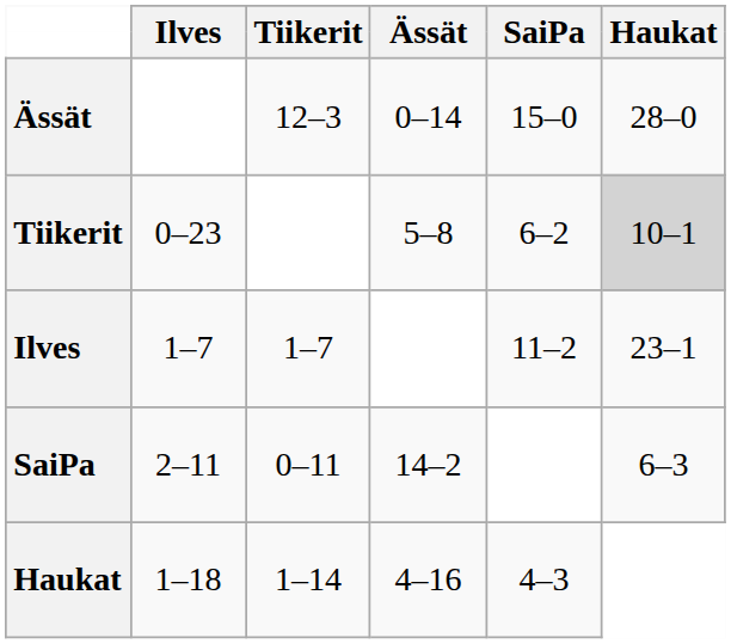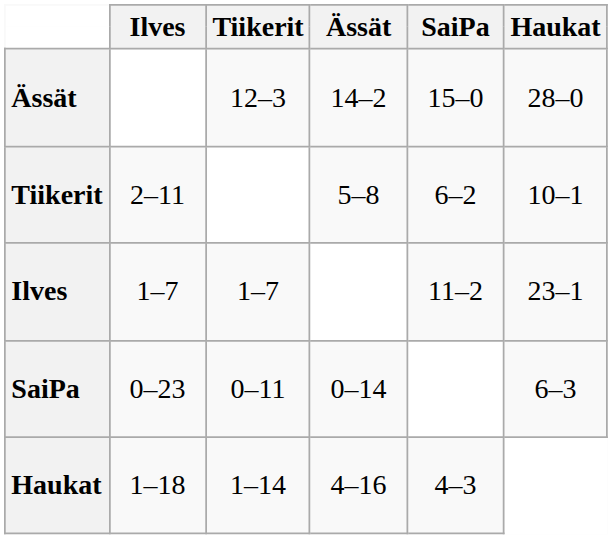 <table class="wikitable" style="text-align:center; border-style: none  none  none  none;">
 <tr>
 <th style="border-style: none  none  none  none; background:white;"></th>
 <th rowspan="2" style="width: 3em;">Ilves</th>
 <th rowspan="2" style="width: 3em;">Tiikerit</th>
 <th rowspan="2" style="width: 3em;">Ässät</th>
 <th rowspan="2" style="width: 3em;">SaiPa</th>
 <th rowspan="2" style="width: 3em;">Haukat</th>
 </tr>
 <tr>
 <th style="border-style: none  none  none  none; background:white;"></th>
 </tr>
 <tr>
 <th style="height: 3em; text-align:left;">Ässät</th>
 <td style="background:white;"></td>
 <td>12–3</td>
-<td>0–14</td>
+<td>14–2</td>
 <td>15–0</td>
 <td>28–0</td>
 </tr>
 <tr>
 <th style="height: 3em; text-align:left;">Tiikerit</th>
-<td>0–23</td>
+<td>2–11</td>
 <td style="background:white;"></td>
 <td>5–8</td>
 <td>6–2</td>
-<td style="background: lightgrey;">10–1</td>
+<td>10–1</td>
 </tr>
 <tr>
 <th style="height: 3em; text-align:left;">Ilves</th>
 <td>1–7</td>
 <td>1–7</td>
 <td style="background:white;"></td>
 <td>11–2</td>
 <td>23–1</td>
 </tr>
 <tr>
 <th style="height: 3em; text-align:left;">SaiPa</th>
-<td>2–11</td>
+<td>0–23</td>
 <td>0–11</td>
-<td>14–2</td>
+<td>0–14</td>
 <td style="background:white;"></td>
 <td>6–3</td>
 </tr>
 <tr>
 <th style="height: 3em; text-align:left;">Haukat</th>
 <td>1–18</td>
 <td>1–14</td>
 <td>4–16</td>
 <td>4–3</td>
 <td style="border-style: none  none  none  none; background:white;"></td>
 </tr>
 </table>
